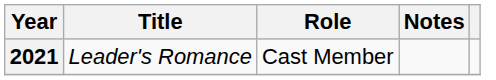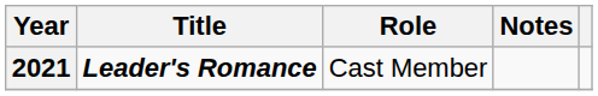 <table class="wikitable sortable plainrowheaders">
 <tr>
 <th scope="col">Year</th>
 <th scope="col">Title</th>
 <th scope="col">Role</th>
 <th scope="col">Notes</th>
 <th scope="col" class="unsortable"></th>
 </tr>
 <tr>
 <th scope="row">2021</th>
-<td><em>Leader's Romance</em></td>
+<td><strong><em>Leader's Romance</em></strong></td>
 <td>Cast Member</td>
 <td></td>
 <td></td>
 </tr>
 <tr>
 </tr>
 </table>
